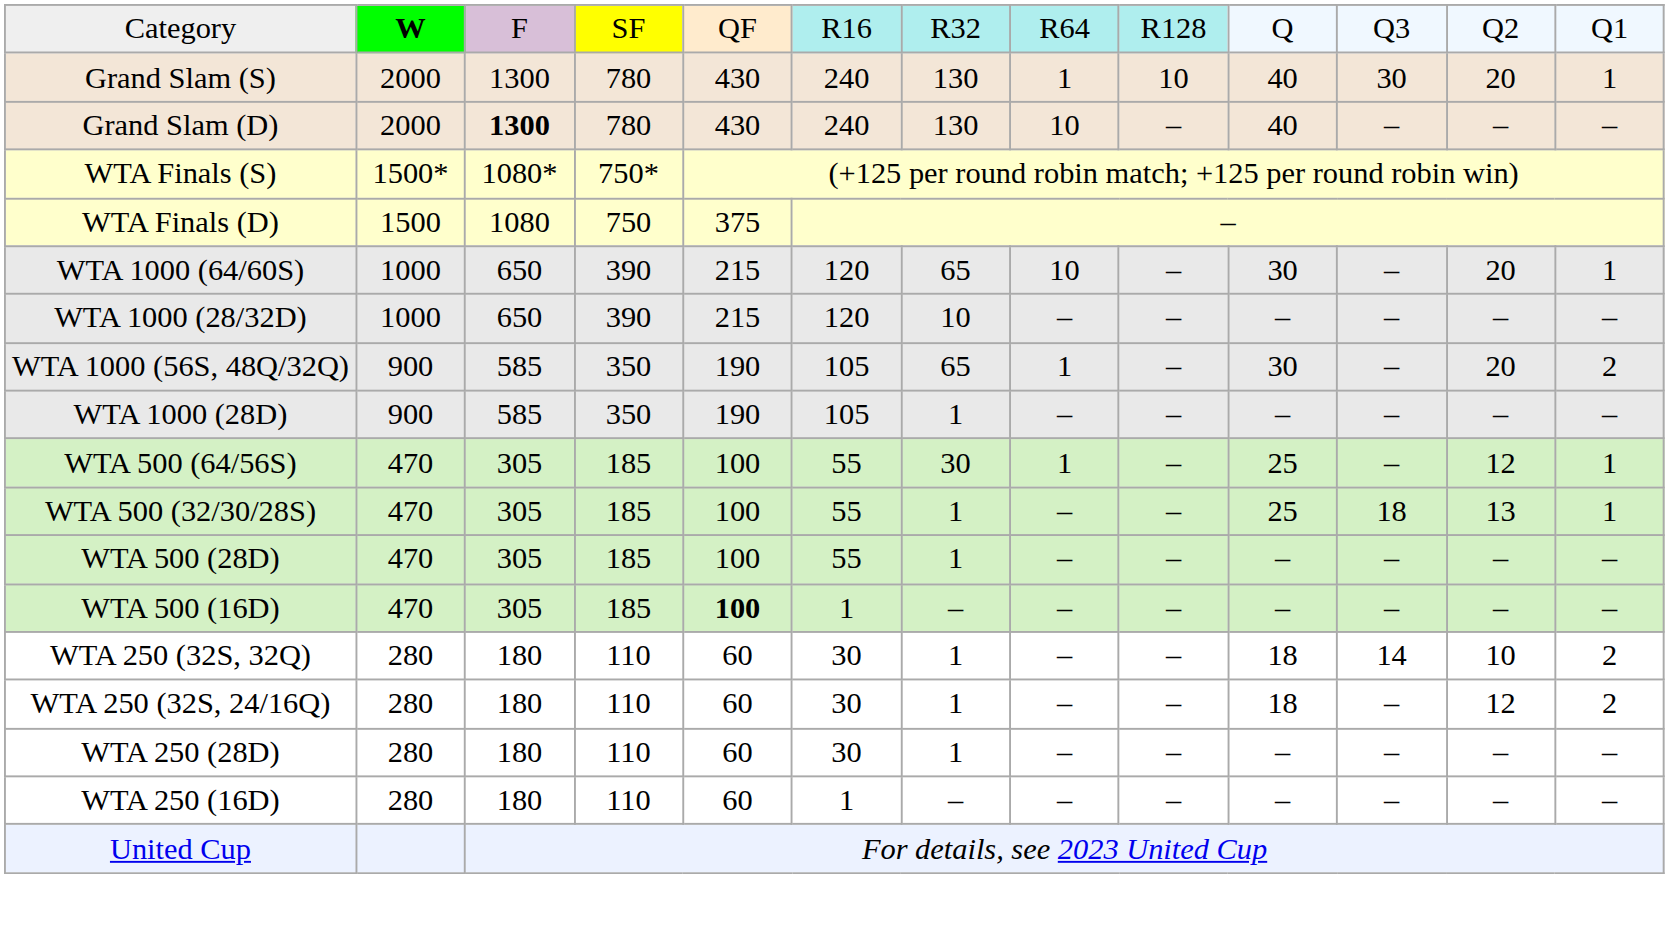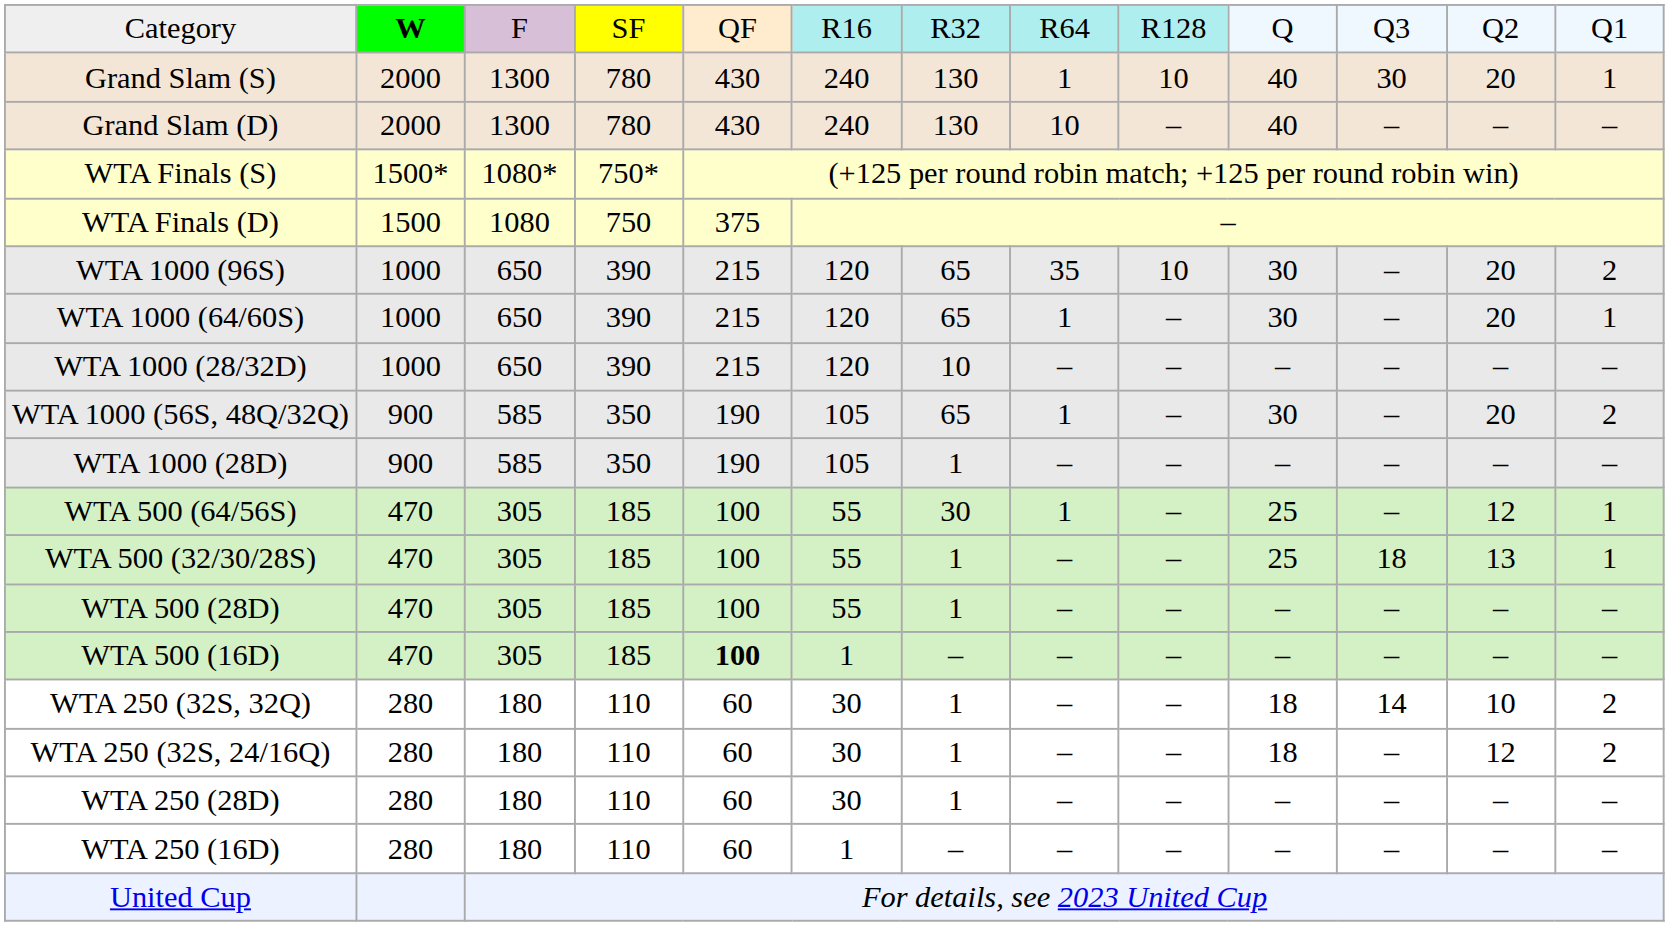 <table class="wikitable" style=text-align:center>
 <tr>
 <td style="background:#efefef;">Category</td>
 <td style="width:50px; background:lime;"><strong>W</strong></td>
 <td style="width:50px; background:thistle;">F</td>
 <td style="width:50px; background:#ff0;">SF</td>
 <td style="width:50px; background:#ffebcd;">QF</td>
 <td style="width:50px; background:#afeeee;">R16</td>
 <td style="width:50px; background:#afeeee;">R32</td>
 <td style="width:50px; background:#afeeee;">R64</td>
 <td style="width:50px; background:#afeeee;">R128</td>
 <td style="width:50px; background:#f0f8ff;">Q</td>
 <td style="width:50px; background:#f0f8ff;">Q3</td>
 <td style="width:50px; background:#f0f8ff;">Q2</td>
 <td style="width:50px; background:#f0f8ff;">Q1</td>
 </tr>
 <tr style="background:#F3E6D7;">
 <td>Grand Slam (S)</td>
 <td>2000</td>
 <td>1300</td>
 <td>780</td>
 <td>430</td>
 <td>240</td>
 <td>130</td>
 <td>1</td>
 <td>10</td>
 <td>40</td>
 <td>30</td>
 <td>20</td>
 <td>1</td>
 </tr>
 <tr style="background:#F3E6D7;">
 <td>Grand Slam (D)</td>
 <td>2000</td>
-<td><strong>1300</strong></td>
+<td>1300</td>
 <td>780</td>
 <td>430</td>
 <td>240</td>
 <td>130</td>
 <td>10</td>
 <td>–</td>
 <td>40</td>
 <td>–</td>
 <td>–</td>
 <td>–</td>
 </tr>
 <tr style="background:#ffc;">
 <td>WTA Finals (S)</td>
 <td>1500*</td>
 <td>1080*</td>
 <td>750*</td>
 <td colspan="9" style="text-align:center">(+125 per round robin match; +125 per round robin win)</td>
 </tr>
 <tr style="background:#ffc;">
 <td>WTA Finals (D)</td>
 <td>1500</td>
 <td>1080</td>
 <td>750</td>
 <td>375</td>
 <td colspan="8" style="text-align:center">–</td>
 </tr>
 <tr style="background:#e9e9e9;">
+<td>WTA 1000 (96S)</td>
+<td>1000</td>
+<td>650</td>
+<td>390</td>
+<td>215</td>
+<td>120</td>
+<td>65</td>
+<td>35</td>
+<td>10</td>
+<td>30</td>
+<td>–</td>
+<td>20</td>
+<td>2</td>
+</tr>
+<tr style="background:#e9e9e9;">
 <td>WTA 1000 (64/60S)</td>
 <td>1000</td>
 <td>650</td>
 <td>390</td>
 <td>215</td>
 <td>120</td>
 <td>65</td>
-<td>10</td>
+<td>1</td>
 <td>–</td>
 <td>30</td>
 <td>–</td>
 <td>20</td>
 <td>1</td>
 </tr>
 <tr style="background:#e9e9e9;">
 <td>WTA 1000 (28/32D)</td>
 <td>1000</td>
 <td>650</td>
 <td>390</td>
 <td>215</td>
 <td>120</td>
 <td>10</td>
 <td>–</td>
 <td>–</td>
 <td>–</td>
 <td>–</td>
 <td>–</td>
 <td>–</td>
 </tr>
 <tr style="background:#E9E9E9;">
 <td>WTA 1000 (56S, 48Q/32Q)</td>
 <td>900</td>
 <td>585</td>
 <td>350</td>
 <td>190</td>
 <td>105</td>
 <td>65</td>
 <td>1</td>
 <td>–</td>
 <td>30</td>
 <td>–</td>
 <td>20</td>
 <td>2</td>
 </tr>
 <tr style="background:#E9E9E9;">
 <td>WTA 1000 (28D)</td>
 <td>900</td>
 <td>585</td>
 <td>350</td>
 <td>190</td>
 <td>105</td>
 <td>1</td>
 <td>–</td>
 <td>–</td>
 <td>–</td>
 <td>–</td>
 <td>–</td>
 <td>–</td>
 </tr>
 <tr style="background:#D4F1C5;">
 <td>WTA 500 (64/56S)</td>
 <td>470</td>
 <td>305</td>
 <td>185</td>
 <td>100</td>
 <td>55</td>
 <td>30</td>
 <td>1</td>
 <td>–</td>
 <td>25</td>
 <td>–</td>
 <td>12</td>
 <td>1</td>
 </tr>
 <tr style="background:#D4F1C5;">
 <td>WTA 500 (32/30/28S)</td>
 <td>470</td>
 <td>305</td>
 <td>185</td>
 <td>100</td>
 <td>55</td>
 <td>1</td>
 <td>–</td>
 <td>–</td>
 <td>25</td>
 <td>18</td>
 <td>13</td>
 <td>1</td>
 </tr>
 <tr style="background:#D4F1C5;">
 <td>WTA 500 (28D)</td>
 <td>470</td>
 <td>305</td>
 <td>185</td>
 <td>100</td>
 <td>55</td>
 <td>1</td>
 <td>–</td>
 <td>–</td>
 <td>–</td>
 <td>–</td>
 <td>–</td>
 <td>–</td>
 </tr>
 <tr style="background:#D4F1C5;">
 <td>WTA 500 (16D)</td>
 <td>470</td>
 <td>305</td>
 <td>185</td>
 <td><strong>100</strong></td>
 <td>1</td>
 <td>–</td>
 <td>–</td>
 <td>–</td>
 <td>–</td>
 <td>–</td>
 <td>–</td>
 <td>–</td>
 </tr>
 <tr style="background:#fff;">
 <td>WTA 250 (32S, 32Q)</td>
 <td>280</td>
 <td>180</td>
 <td>110</td>
 <td>60</td>
 <td>30</td>
 <td>1</td>
 <td>–</td>
 <td>–</td>
 <td>18</td>
 <td>14</td>
 <td>10</td>
 <td>2</td>
 </tr>
 <tr style="background:#fff;">
 <td>WTA 250 (32S, 24/16Q)</td>
 <td>280</td>
 <td>180</td>
 <td>110</td>
 <td>60</td>
 <td>30</td>
 <td>1</td>
 <td>–</td>
 <td>–</td>
 <td>18</td>
 <td>–</td>
 <td>12</td>
 <td>2</td>
 </tr>
 <tr style="background:#fff;">
 <td>WTA 250 (28D)</td>
 <td>280</td>
 <td>180</td>
 <td>110</td>
 <td>60</td>
 <td>30</td>
 <td>1</td>
 <td>–</td>
 <td>–</td>
 <td>–</td>
 <td>–</td>
 <td>–</td>
 <td>–</td>
 </tr>
 <tr style="background:#fff;">
 <td>WTA 250 (16D)</td>
 <td>280</td>
 <td>180</td>
 <td>110</td>
 <td>60</td>
 <td>1</td>
 <td>–</td>
 <td>–</td>
 <td>–</td>
 <td>–</td>
 <td>–</td>
 <td>–</td>
 <td>–</td>
 </tr>
 <tr style="background:#ecf2ff;">
 <td><a href='#'>United Cup</a></td>
 <td></td>
 <td colspan="11"><em>For details, see <a href='#'>2023 United Cup</a></em></td>
 </tr>
 </table>
